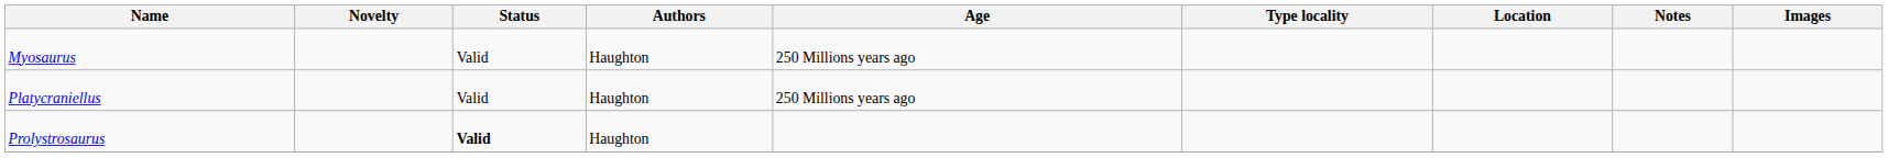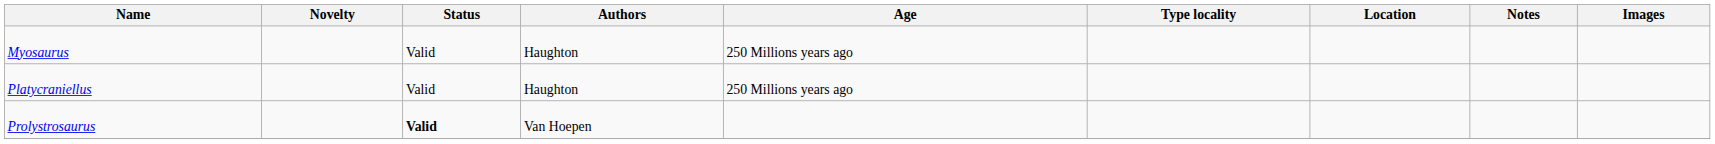 <table class="wikitable sortable" align="center" width="100%">
 <tr>
 <th>Name</th>
 <th>Novelty</th>
 <th>Status</th>
 <th>Authors</th>
 <th>Age</th>
 <th>Type locality</th>
 <th>Location</th>
 <th>Notes</th>
 <th>Images</th>
 </tr>
 <tr>
 <td><br><em><a href='#'>Myosaurus</a></em></td>
 <td></td>
 <td><br>Valid</td>
 <td><br>Haughton</td>
 <td><br>250 Millions years ago</td>
 <td></td>
 <td><br><br> </td>
 <td></td>
 <td><br></td>
 </tr>
 <tr>
 <td><br><em><a href='#'>Platycraniellus</a></em></td>
 <td></td>
 <td><br>Valid</td>
 <td><br>Haughton</td>
 <td><br>250 Millions years ago</td>
 <td></td>
 <td><br></td>
 <td></td>
 <td></td>
 </tr>
 <tr>
 <td><br><em><a href='#'>Prolystrosaurus</a></em></td>
 <td></td>
 <td><strong><br>Valid</strong></td>
-<td><br>Haughton</td>
+<td><br>Van Hoepen</td>
 <td></td>
 <td></td>
 <td></td>
 <td></td>
 <td></td>
 </tr>
 <tr>
 </tr>
 </table>
